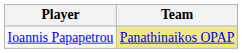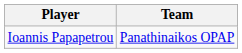 <table class="wikitable">
 <tr>
 <th>Player</th>
 <th>Team</th>
 </tr>
 <tr>
 <td> <a href='#'>Ioannis Papapetrou</a></td>
-<td style="background: khaki;"><a href='#'>Panathinaikos OPAP</a></td>
+<td><a href='#'>Panathinaikos OPAP</a></td>
 </tr>
 </table>
